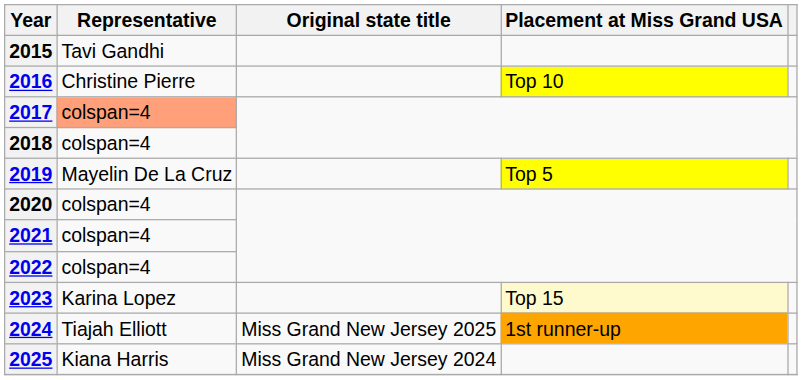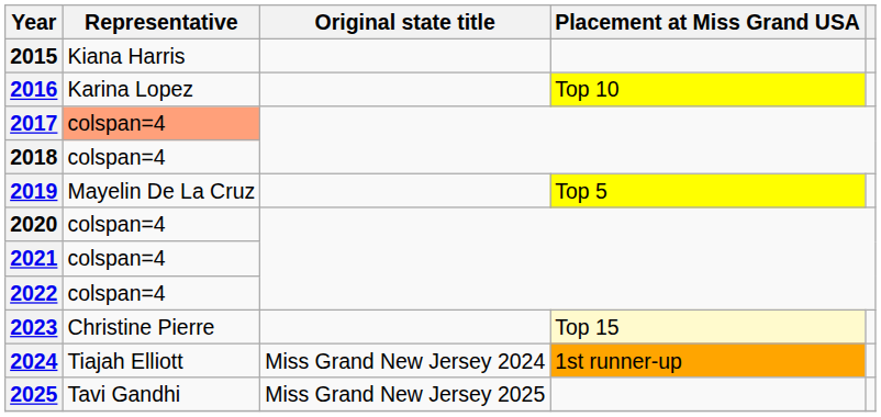 <table class="wikitable defaultcenter col2left sticky-header" style="font-size:95%;">
 <tr>
 <th>Year</th>
 <th>Representative</th>
 <th>Original state title</th>
 <th>Placement at Miss Grand USA</th>
 <th></th>
 </tr>
 <tr>
 <th>2015</th>
-<td>Tavi Gandhi</td>
+<td>Kiana Harris</td>
 <td></td>
 <td></td>
 <td></td>
 </tr>
 <tr>
 <th><a href='#'>2016</a></th>
-<td>Christine Pierre</td>
+<td>Karina Lopez</td>
 <td></td>
 <td bgcolor=yellow>Top 10</td>
 <td></td>
 </tr>
 <tr>
 <th><a href='#'>2017</a></th>
 <td style="background: lightsalmon;">colspan=4 </td>
 </tr>
 <tr>
 <th>2018</th>
 <td>colspan=4 </td>
 </tr>
 <tr>
 <th><a href='#'>2019</a></th>
 <td>Mayelin De La Cruz</td>
 <td></td>
 <td bgcolor=yellow>Top 5</td>
 <td></td>
 </tr>
 <tr>
 <th>2020</th>
 <td>colspan=4 </td>
 </tr>
 <tr>
 <th><a href='#'>2021</a></th>
 <td>colspan=4 </td>
 </tr>
 <tr>
 <th><a href='#'>2022</a></th>
 <td>colspan=4 </td>
 </tr>
 <tr>
 <th><a href='#'>2023</a></th>
-<td>Karina Lopez</td>
+<td>Christine Pierre</td>
 <td></td>
 <td bgcolor=#FFFACD>Top 15</td>
 <td></td>
 </tr>
 <tr>
 <th><a href='#'>2024</a></th>
 <td>Tiajah Elliott</td>
-<td>Miss Grand New Jersey 2025</td>
+<td>Miss Grand New Jersey 2024</td>
 <td bgcolor=Orange>1st runner-up</td>
 <td></td>
 </tr>
 <tr>
 <th><a href='#'>2025</a></th>
-<td>Kiana Harris</td>
-<td>Miss Grand New Jersey 2024</td>
+<td>Tavi Gandhi</td>
+<td>Miss Grand New Jersey 2025</td>
 <td></td>
 <td></td>
 </tr>
 <tr>
 </tr>
 </table>
